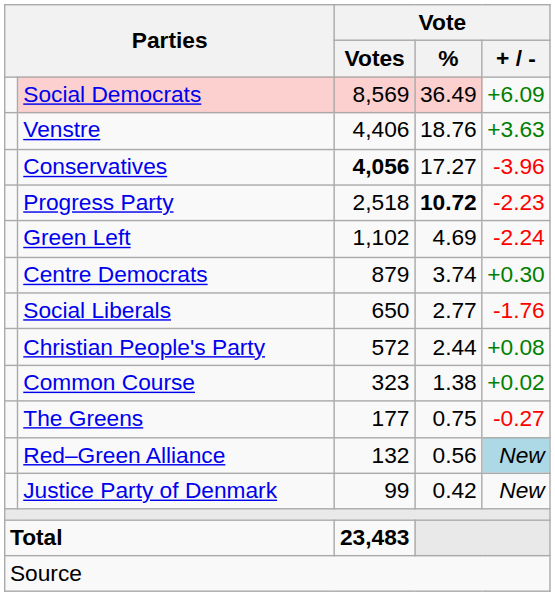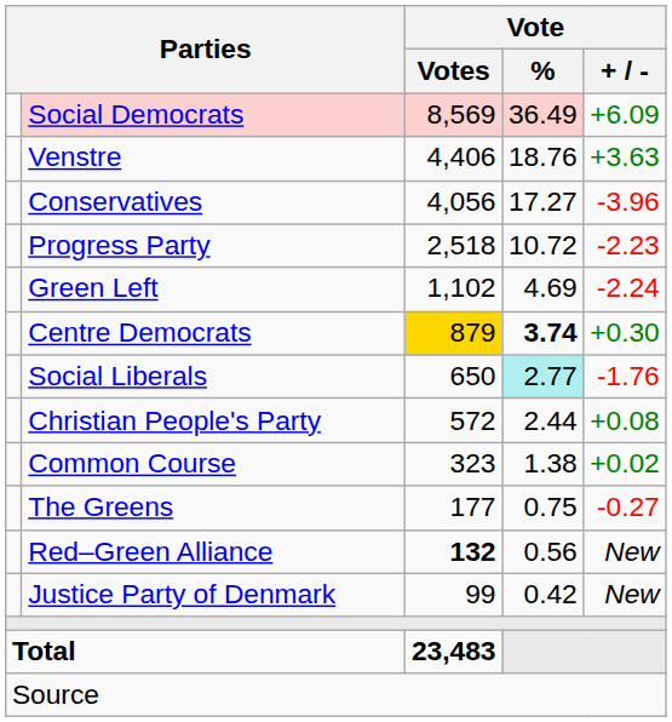 <table class="wikitable" style="text-align:right;">
 <tr>
 <th style="text-align:centre;" rowspan="2" colspan="2" width="225">Parties</th>
 <th colspan="3">Vote</th>
 </tr>
 <tr>
 <th width="15">Votes</th>
 <th width="15">%</th>
 <th width="15">+ / -</th>
 </tr>
 <tr>
 <td width="2" style="color:inherit;background:"></td>
 <td bgcolor=#fbd0ce  align="left"><a href='#'>Social Democrats</a></td>
 <td bgcolor=#fbd0ce>8,569</td>
 <td bgcolor=#fbd0ce>36.49</td>
 <td style=color:green;>+6.09</td>
 </tr>
 <tr>
 <td width="2" style="color:inherit;background:"></td>
 <td align="left"><a href='#'>Venstre</a></td>
 <td>4,406</td>
 <td>18.76</td>
 <td style=color:green;>+3.63</td>
 </tr>
 <tr>
 <td width="2" style="color:inherit;background:"></td>
 <td align="left"><a href='#'>Conservatives</a></td>
-<td><strong>4,056</strong></td>
+<td>4,056</td>
 <td>17.27</td>
 <td style=color:red;>-3.96</td>
 </tr>
 <tr>
 <td width="2" style="color:inherit;background:"></td>
 <td align="left"><a href='#'>Progress Party</a></td>
 <td>2,518</td>
-<td><strong>10.72</strong></td>
+<td>10.72</td>
 <td style=color:red;>-2.23</td>
 </tr>
 <tr>
 <td width="2" style="color:inherit;background:"></td>
 <td align="left"><a href='#'>Green Left</a></td>
 <td>1,102</td>
 <td>4.69</td>
 <td style=color:red;>-2.24</td>
 </tr>
 <tr>
 <td width="2" style="color:inherit;background:"></td>
 <td align="left"><a href='#'>Centre Democrats</a></td>
-<td>879</td>
-<td>3.74</td>
+<td style="background: gold;">879</td>
+<td><strong>3.74</strong></td>
 <td style=color:green;>+0.30</td>
 </tr>
 <tr>
 <td width="2" style="color:inherit;background:"></td>
 <td align="left"><a href='#'>Social Liberals</a></td>
 <td>650</td>
-<td>2.77</td>
+<td style="background: paleturquoise;">2.77</td>
 <td style=color:red;>-1.76</td>
 </tr>
 <tr>
 <td width="2" style="color:inherit;background:"></td>
 <td align="left"><a href='#'>Christian People's Party</a></td>
 <td>572</td>
 <td>2.44</td>
 <td style=color:green;>+0.08</td>
 </tr>
 <tr>
 <td width="2" style="color:inherit;background:"></td>
 <td align="left"><a href='#'>Common Course</a></td>
 <td>323</td>
 <td>1.38</td>
 <td style=color:green;>+0.02</td>
 </tr>
 <tr>
 <td width="2" style="color:inherit;background:"></td>
 <td align="left"><a href='#'>The Greens</a></td>
 <td>177</td>
 <td>0.75</td>
 <td style=color:red;>-0.27</td>
 </tr>
 <tr>
 <td width="2" style="color:inherit;background:"></td>
 <td align="left"><a href='#'>Red–Green Alliance</a></td>
-<td>132</td>
+<td><strong>132</strong></td>
 <td>0.56</td>
-<td style="background: lightblue;"><em>New</em></td>
+<td><em>New</em></td>
 </tr>
 <tr>
 <td width="2" style="color:inherit;background:"></td>
 <td align="left"><a href='#'>Justice Party of Denmark</a></td>
 <td>99</td>
 <td>0.42</td>
 <td><em>New</em></td>
 </tr>
 <tr>
 <td colspan="7" bgcolor="#E9E9E9"></td>
 </tr>
 <tr>
 <td align="left" colspan="2"><strong>Total</strong></td>
 <td><strong>23,483</strong></td>
 <td bgcolor="#E9E9E9" colspan="2"></td>
 </tr>
 <tr>
 <td align="left" colspan="6">Source</td>
 </tr>
 </table>
